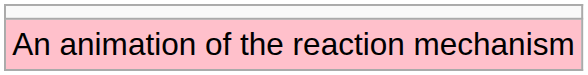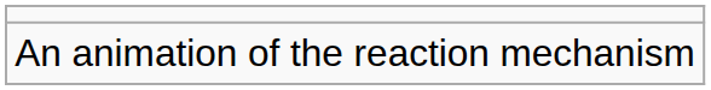 <table class="wikitable">
 <tr>
 <td></td>
 </tr>
 <tr>
-<td style="background: pink;">An animation of the reaction mechanism</td>
+<td>An animation of the reaction mechanism</td>
 </tr>
 </table>
